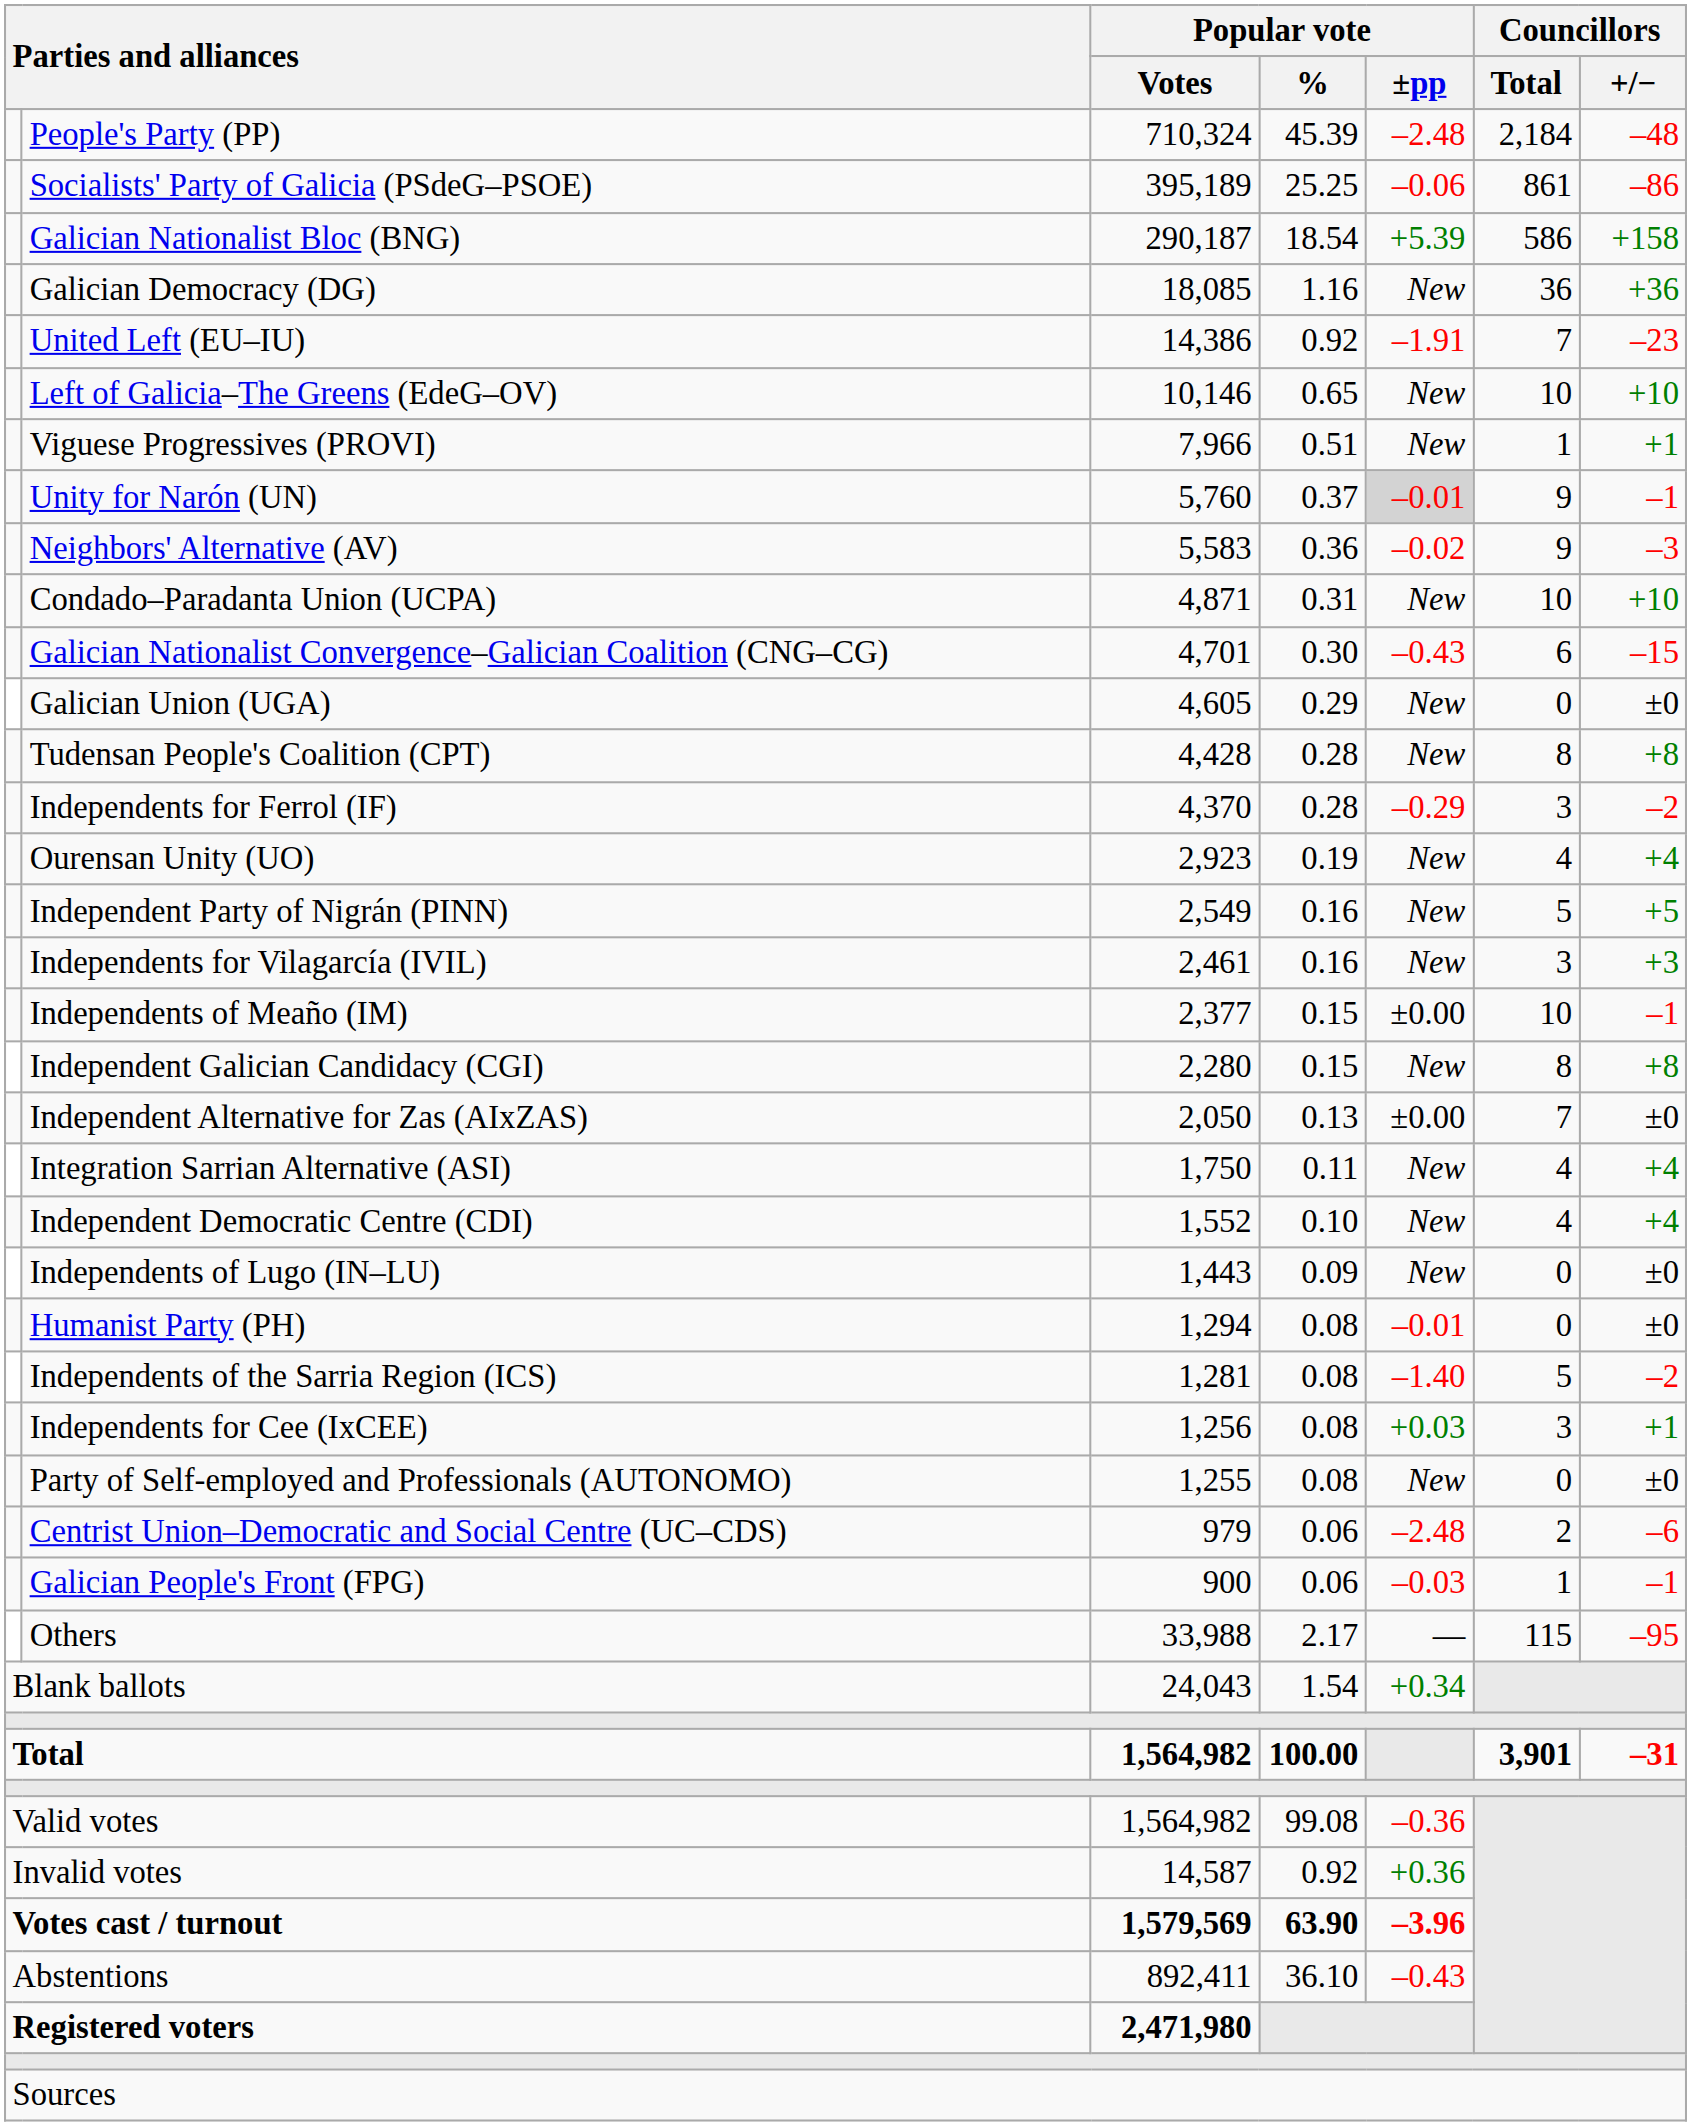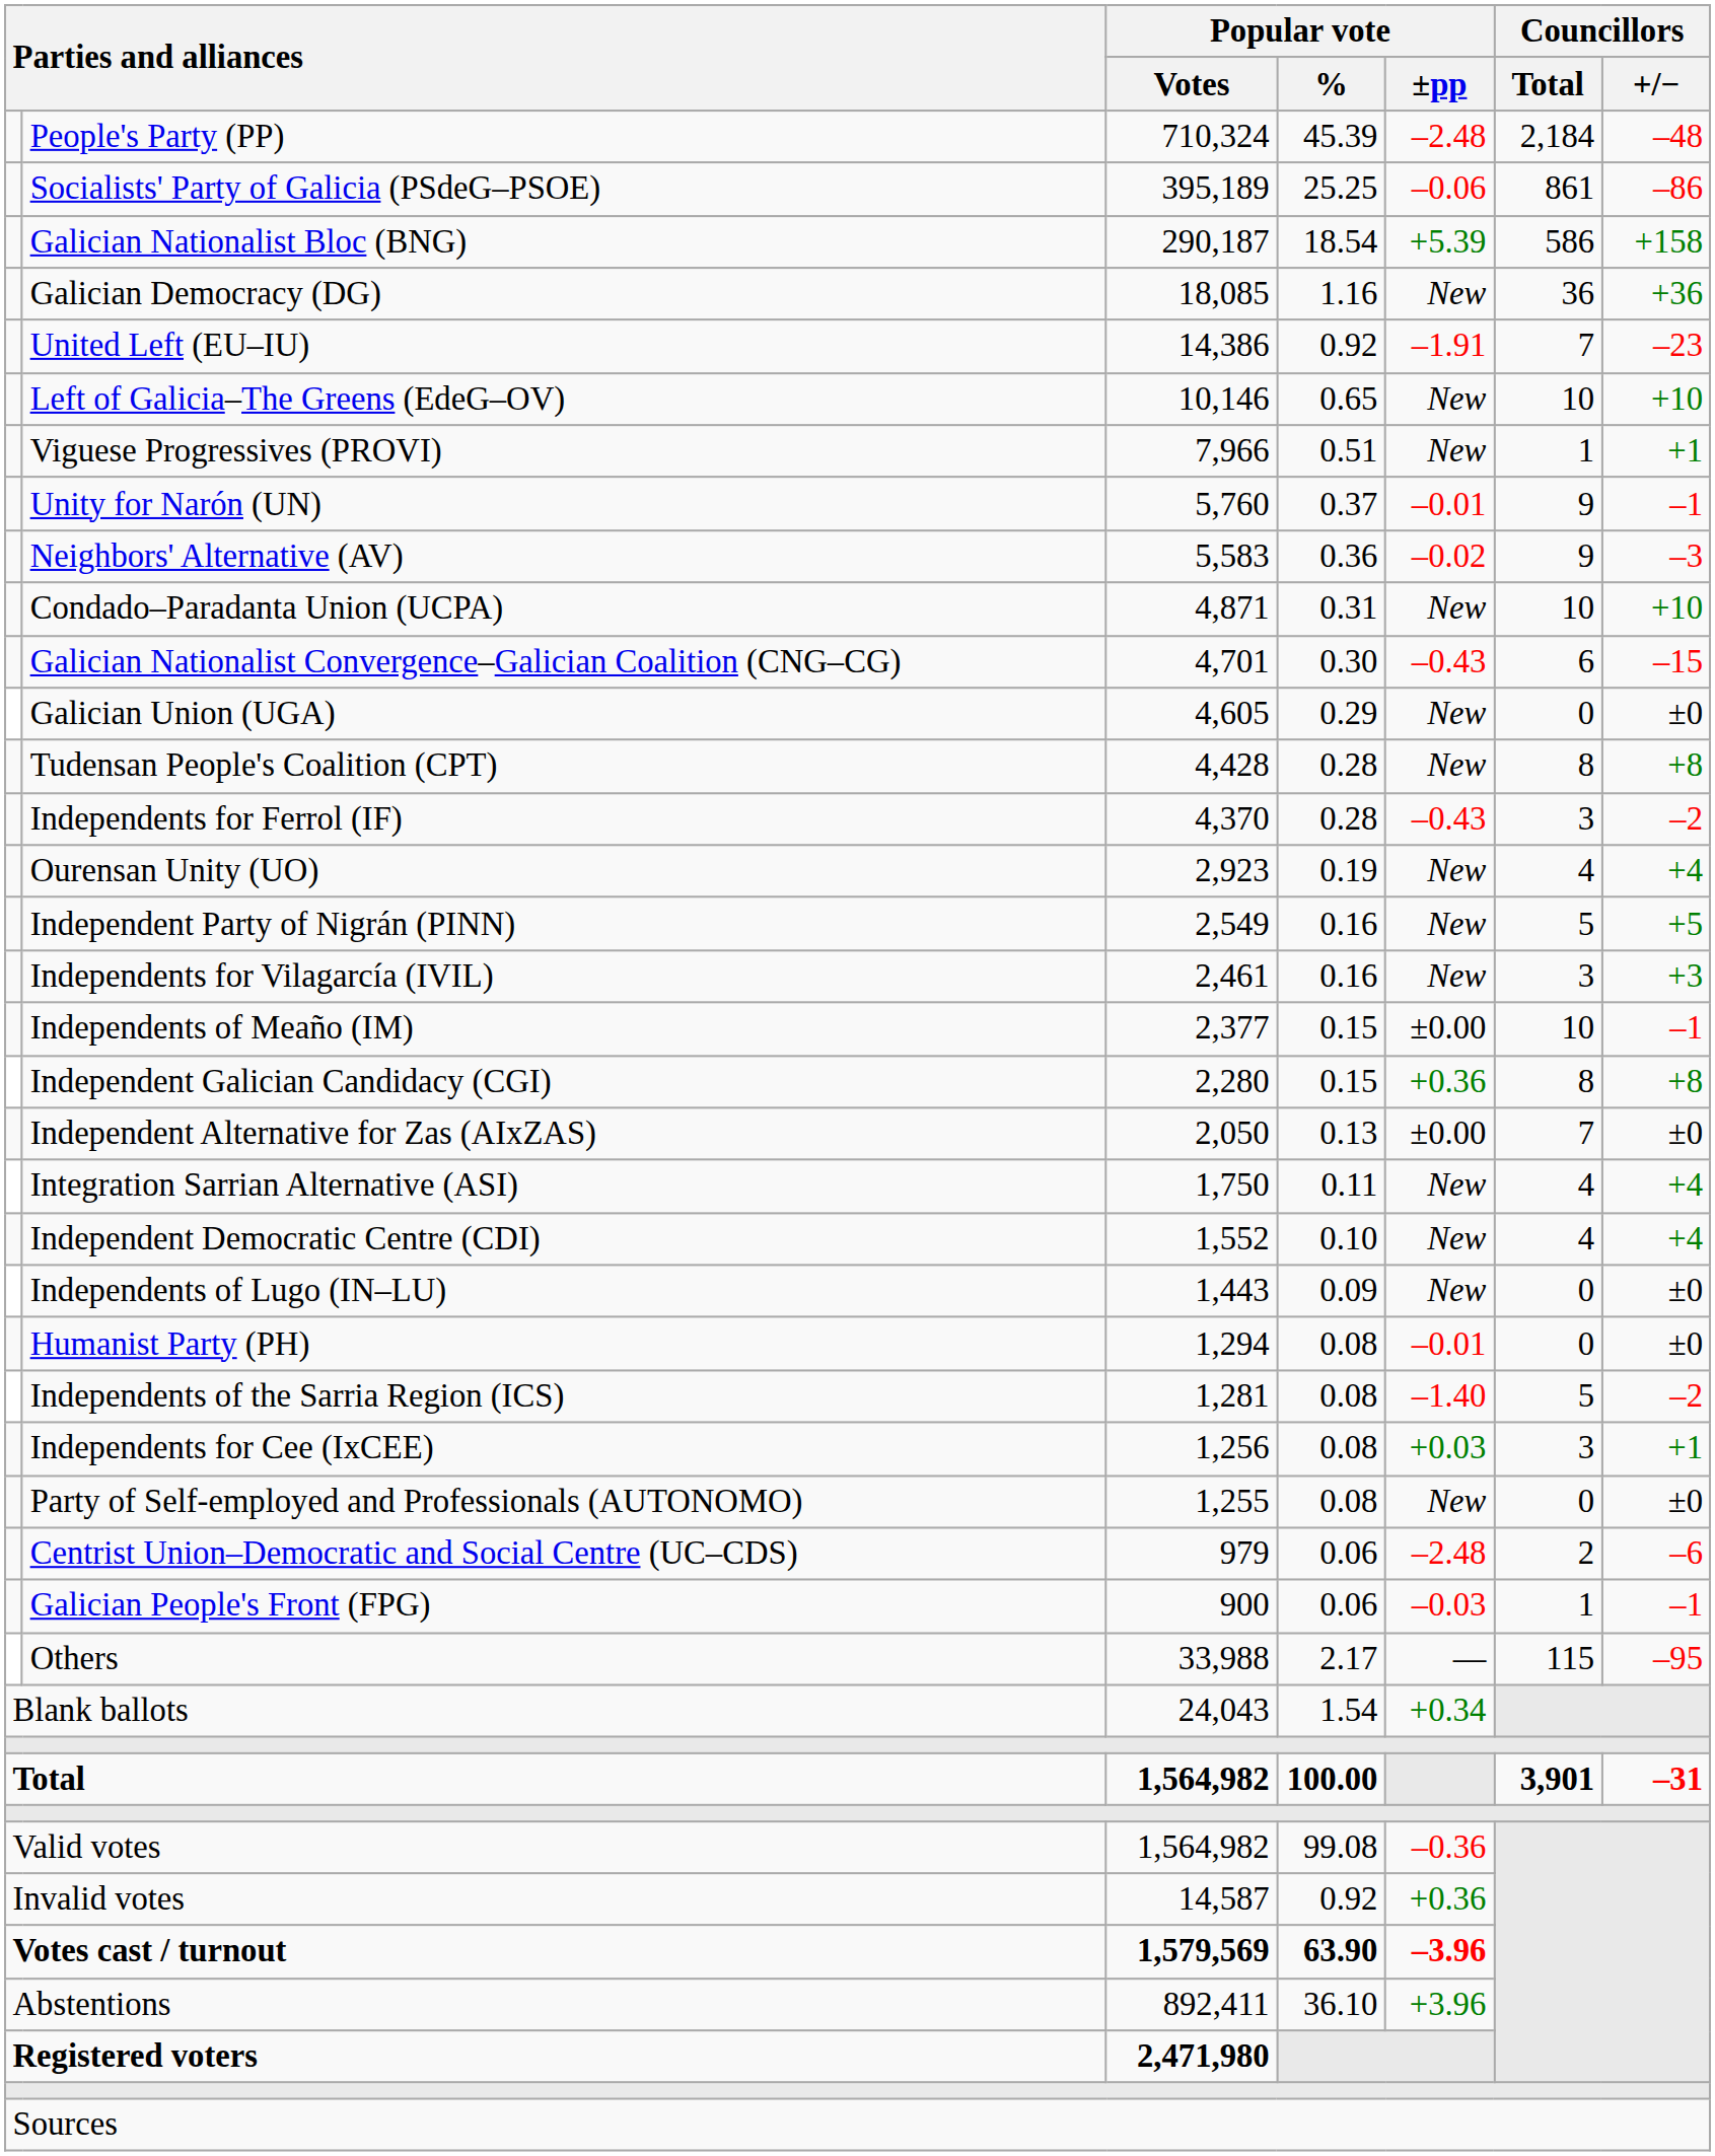 <table class="wikitable" style="text-align:right;">
 <tr>
 <th style="text-align:left;" rowspan="2" colspan="2" width="525">Parties and alliances</th>
 <th colspan="3">Popular vote</th>
 <th colspan="2">Councillors</th>
 </tr>
 <tr>
 <th width="75">Votes</th>
 <th width="45">%</th>
 <th width="45">±<a href='#'>pp</a></th>
 <th width="45">Total</th>
 <th width="45">+/−</th>
 </tr>
 <tr>
 <td width="1" style="color:inherit;background:"></td>
 <td align="left"><a href='#'>People's Party</a> (PP)</td>
 <td>710,324</td>
 <td>45.39</td>
 <td style="color:red;">–2.48</td>
 <td>2,184</td>
 <td style="color:red;">–48</td>
 </tr>
 <tr>
 <td style="color:inherit;background:"></td>
 <td align="left"><a href='#'>Socialists' Party of Galicia</a> (PSdeG–PSOE)</td>
 <td>395,189</td>
 <td>25.25</td>
 <td style="color:red;">–0.06</td>
 <td>861</td>
 <td style="color:red;">–86</td>
 </tr>
 <tr>
 <td style="color:inherit;background:"></td>
 <td align="left"><a href='#'>Galician Nationalist Bloc</a> (BNG)</td>
 <td>290,187</td>
 <td>18.54</td>
 <td style="color:green;">+5.39</td>
 <td>586</td>
 <td style="color:green;">+158</td>
 </tr>
 <tr>
 <td style="color:inherit;background:"></td>
 <td align="left">Galician Democracy (DG)</td>
 <td>18,085</td>
 <td>1.16</td>
 <td><em>New</em></td>
 <td>36</td>
 <td style="color:green;">+36</td>
 </tr>
 <tr>
 <td style="color:inherit;background:"></td>
 <td align="left"><a href='#'>United Left</a> (EU–IU)</td>
 <td>14,386</td>
 <td>0.92</td>
 <td style="color:red;">–1.91</td>
 <td>7</td>
 <td style="color:red;">–23</td>
 </tr>
 <tr>
 <td style="color:inherit;background:"></td>
 <td align="left"><a href='#'>Left of Galicia</a>–<a href='#'>The Greens</a> (EdeG–OV)</td>
 <td>10,146</td>
 <td>0.65</td>
 <td><em>New</em></td>
 <td>10</td>
 <td style="color:green;">+10</td>
 </tr>
 <tr>
 <td style="color:inherit;background:"></td>
 <td align="left">Viguese Progressives (PROVI)</td>
 <td>7,966</td>
 <td>0.51</td>
 <td><em>New</em></td>
 <td>1</td>
 <td style="color:green;">+1</td>
 </tr>
 <tr>
 <td style="color:inherit;background:"></td>
 <td align="left"><a href='#'>Unity for Narón</a> (UN)</td>
 <td>5,760</td>
 <td>0.37</td>
-<td style="background: lightgrey; color:red;">–0.01</td>
+<td style="color:red;">–0.01</td>
 <td>9</td>
 <td style="color:red;">–1</td>
 </tr>
 <tr>
 <td style="color:inherit;background:"></td>
 <td align="left"><a href='#'>Neighbors' Alternative</a> (AV)</td>
 <td>5,583</td>
 <td>0.36</td>
 <td style="color:red;">–0.02</td>
 <td>9</td>
 <td style="color:red;">–3</td>
 </tr>
 <tr>
 <td style="color:inherit;background:"></td>
 <td align="left">Condado–Paradanta Union (UCPA)</td>
 <td>4,871</td>
 <td>0.31</td>
 <td><em>New</em></td>
 <td>10</td>
 <td style="color:green;">+10</td>
 </tr>
 <tr>
 <td style="color:inherit;background:"></td>
 <td align="left"><a href='#'>Galician Nationalist Convergence</a>–<a href='#'>Galician Coalition</a> (CNG–CG)</td>
 <td>4,701</td>
 <td>0.30</td>
 <td style="color:red;">–0.43</td>
 <td>6</td>
 <td style="color:red;">–15</td>
 </tr>
 <tr>
 <td bgcolor="white"></td>
 <td align="left">Galician Union (UGA)</td>
 <td>4,605</td>
 <td>0.29</td>
 <td><em>New</em></td>
 <td>0</td>
 <td>±0</td>
 </tr>
 <tr>
 <td style="color:inherit;background:"></td>
 <td align="left">Tudensan People's Coalition (CPT)</td>
 <td>4,428</td>
 <td>0.28</td>
 <td><em>New</em></td>
 <td>8</td>
 <td style="color:green;">+8</td>
 </tr>
 <tr>
 <td style="color:inherit;background:"></td>
 <td align="left">Independents for Ferrol (IF)</td>
 <td>4,370</td>
 <td>0.28</td>
-<td style="color:red;">–0.29</td>
+<td style="color:red;">–0.43</td>
 <td>3</td>
 <td style="color:red;">–2</td>
 </tr>
 <tr>
 <td style="color:inherit;background:"></td>
 <td align="left">Ourensan Unity (UO)</td>
 <td>2,923</td>
 <td>0.19</td>
 <td><em>New</em></td>
 <td>4</td>
 <td style="color:green;">+4</td>
 </tr>
 <tr>
 <td style="color:inherit;background:"></td>
 <td align="left">Independent Party of Nigrán (PINN)</td>
 <td>2,549</td>
 <td>0.16</td>
 <td><em>New</em></td>
 <td>5</td>
 <td style="color:green;">+5</td>
 </tr>
 <tr>
 <td style="color:inherit;background:"></td>
 <td align="left">Independents for Vilagarcía (IVIL)</td>
 <td>2,461</td>
 <td>0.16</td>
 <td><em>New</em></td>
 <td>3</td>
 <td style="color:green;">+3</td>
 </tr>
 <tr>
 <td style="color:inherit;background:"></td>
 <td align="left">Independents of Meaño (IM)</td>
 <td>2,377</td>
 <td>0.15</td>
 <td>±0.00</td>
 <td>10</td>
 <td style="color:red;">–1</td>
 </tr>
 <tr>
 <td bgcolor="white"></td>
 <td align="left">Independent Galician Candidacy (CGI)</td>
 <td>2,280</td>
 <td>0.15</td>
-<td><em>New</em></td>
+<td style="color:green;">+0.36</td>
 <td>8</td>
 <td style="color:green;">+8</td>
 </tr>
 <tr>
 <td style="color:inherit;background:"></td>
 <td align="left">Independent Alternative for Zas (AIxZAS)</td>
 <td>2,050</td>
 <td>0.13</td>
 <td>±0.00</td>
 <td>7</td>
 <td>±0</td>
 </tr>
 <tr>
 <td bgcolor="white"></td>
 <td align="left">Integration Sarrian Alternative (ASI)</td>
 <td>1,750</td>
 <td>0.11</td>
 <td><em>New</em></td>
 <td>4</td>
 <td style="color:green;">+4</td>
 </tr>
 <tr>
 <td style="color:inherit;background:"></td>
 <td align="left">Independent Democratic Centre (CDI)</td>
 <td>1,552</td>
 <td>0.10</td>
 <td><em>New</em></td>
 <td>4</td>
 <td style="color:green;">+4</td>
 </tr>
 <tr>
 <td bgcolor="white"></td>
 <td align="left">Independents of Lugo (IN–LU)</td>
 <td>1,443</td>
 <td>0.09</td>
 <td><em>New</em></td>
 <td>0</td>
 <td>±0</td>
 </tr>
 <tr>
 <td style="color:inherit;background:"></td>
 <td align="left"><a href='#'>Humanist Party</a> (PH)</td>
 <td>1,294</td>
 <td>0.08</td>
 <td style="color:red;">–0.01</td>
 <td>0</td>
 <td>±0</td>
 </tr>
 <tr>
 <td bgcolor="white"></td>
 <td align="left">Independents of the Sarria Region (ICS)</td>
 <td>1,281</td>
 <td>0.08</td>
 <td style="color:red;">–1.40</td>
 <td>5</td>
 <td style="color:red;">–2</td>
 </tr>
 <tr>
 <td style="color:inherit;background:"></td>
 <td align="left">Independents for Cee (IxCEE)</td>
 <td>1,256</td>
 <td>0.08</td>
 <td style="color:green;">+0.03</td>
 <td>3</td>
 <td style="color:green;">+1</td>
 </tr>
 <tr>
 <td style="color:inherit;background:"></td>
 <td align="left">Party of Self-employed and Professionals (AUTONOMO)</td>
 <td>1,255</td>
 <td>0.08</td>
 <td><em>New</em></td>
 <td>0</td>
 <td>±0</td>
 </tr>
 <tr>
 <td style="color:inherit;background:"></td>
 <td align="left"><a href='#'>Centrist Union–Democratic and Social Centre</a> (UC–CDS)</td>
 <td>979</td>
 <td>0.06</td>
 <td style="color:red;">–2.48</td>
 <td>2</td>
 <td style="color:red;">–6</td>
 </tr>
 <tr>
 <td style="color:inherit;background:"></td>
 <td align="left"><a href='#'>Galician People's Front</a> (FPG)</td>
 <td>900</td>
 <td>0.06</td>
 <td style="color:red;">–0.03</td>
 <td>1</td>
 <td style="color:red;">–1</td>
 </tr>
 <tr>
 <td bgcolor="white"></td>
 <td align="left">Others</td>
 <td>33,988</td>
 <td>2.17</td>
 <td>—</td>
 <td>115</td>
 <td style="color:red;">–95</td>
 </tr>
 <tr>
 <td align="left" colspan="2">Blank ballots</td>
 <td>24,043</td>
 <td>1.54</td>
 <td style="color:green;">+0.34</td>
 <td bgcolor="#E9E9E9" colspan="2"></td>
 </tr>
 <tr>
 <td colspan="7" bgcolor="#E9E9E9"></td>
 </tr>
 <tr style="font-weight:bold;">
 <td align="left" colspan="2">Total</td>
 <td>1,564,982</td>
 <td>100.00</td>
 <td bgcolor="#E9E9E9"></td>
 <td>3,901</td>
 <td style="color:red;">–31</td>
 </tr>
 <tr>
 <td colspan="7" bgcolor="#E9E9E9"></td>
 </tr>
 <tr>
 <td align="left" colspan="2">Valid votes</td>
 <td>1,564,982</td>
 <td>99.08</td>
 <td style="color:red;">–0.36</td>
 <td bgcolor="#E9E9E9" colspan="2" rowspan="5"></td>
 </tr>
 <tr>
 <td align="left" colspan="2">Invalid votes</td>
 <td>14,587</td>
 <td>0.92</td>
 <td style="color:green;">+0.36</td>
 </tr>
 <tr style="font-weight:bold;">
 <td align="left" colspan="2">Votes cast / turnout</td>
 <td>1,579,569</td>
 <td>63.90</td>
 <td style="color:red;">–3.96</td>
 </tr>
 <tr>
 <td align="left" colspan="2">Abstentions</td>
 <td>892,411</td>
 <td>36.10</td>
-<td style="color:red;">–0.43</td>
+<td style="color:green;">+3.96</td>
 </tr>
 <tr style="font-weight:bold;">
 <td align="left" colspan="2">Registered voters</td>
 <td>2,471,980</td>
 <td bgcolor="#E9E9E9" colspan="2"></td>
 </tr>
 <tr>
 <td colspan="7" bgcolor="#E9E9E9"></td>
 </tr>
 <tr>
 <td align="left" colspan="7">Sources</td>
 </tr>
 </table>
